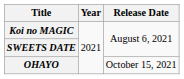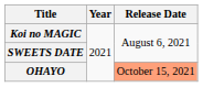 <table class="wikitable" style="font-size:small; text-align:center">
 <tr>
 <th>Title</th>
 <th>Year</th>
 <th>Release Date</th>
 </tr>
 <tr>
 <th><em>Koi no MAGIC</em></th>
 <td rowspan="3">2021</td>
 <td rowspan="2">August 6, 2021</td>
 </tr>
 <tr>
 <th><strong><em>SWEETS DATE</em></strong></th>
 </tr>
 <tr>
 <th><strong><em>OHAYO</em></strong></th>
-<td>October 15, 2021</td>
+<td style="background: lightsalmon;">October 15, 2021</td>
 </tr>
 </table>
